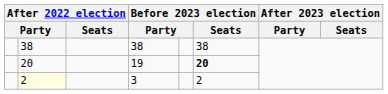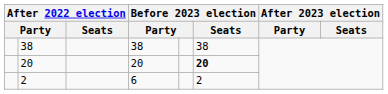 <table class="wikitable">
 <tr>
 <th colspan="3">After <a href='#'>2022 election</a></th>
 <th colspan="3">Before 2023 election</th>
 <th colspan="3">After 2023 election</th>
 </tr>
 <tr>
 <th colspan="2">Party</th>
 <th>Seats</th>
 <th colspan="2">Party</th>
 <th>Seats</th>
 <th colspan="2">Party</th>
 <th>Seats</th>
 </tr>
 <tr>
 <td></td>
 <td>38</td>
 <td></td>
 <td>38</td>
 <td></td>
 <td>38</td>
 </tr>
 <tr>
 <td></td>
 <td>20</td>
 <td></td>
-<td>19</td>
+<td>20</td>
 <td></td>
 <td><strong>20</strong></td>
 </tr>
 <tr>
 <td></td>
-<td style="background: lightyellow;">2</td>
+<td>2</td>
 <td></td>
-<td>3</td>
+<td>6</td>
 <td></td>
 <td>2</td>
 </tr>
 </table>
